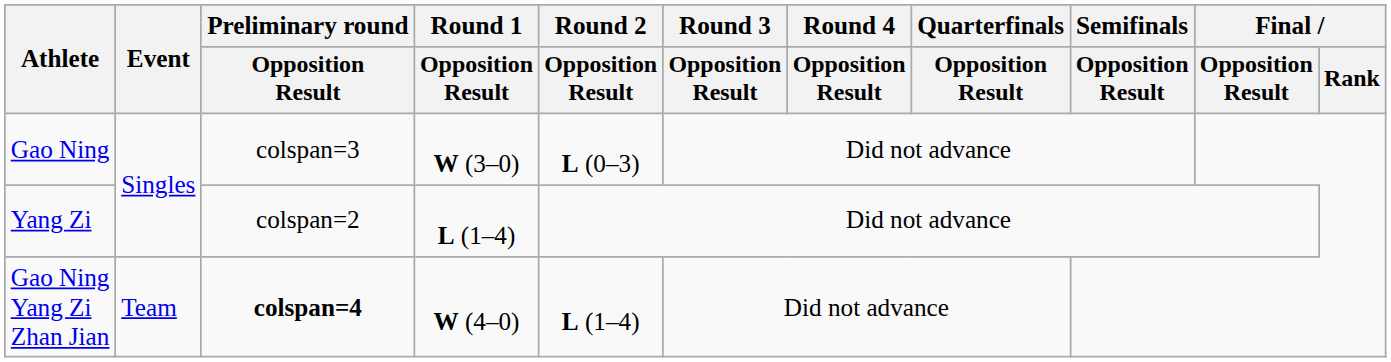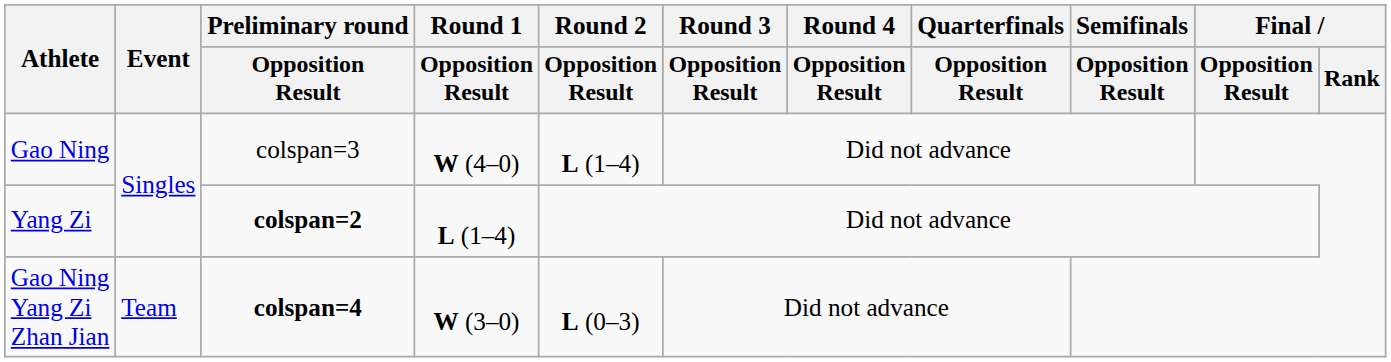 <table class="wikitable" style="font-size:90%">
 <tr>
 <th rowspan="2">Athlete</th>
 <th rowspan="2">Event</th>
 <th>Preliminary round</th>
 <th>Round 1</th>
 <th>Round 2</th>
 <th>Round 3</th>
 <th>Round 4</th>
 <th>Quarterfinals</th>
 <th>Semifinals</th>
 <th colspan=2>Final / </th>
 </tr>
 <tr style="font-size:95%">
 <th>Opposition<br>Result</th>
 <th>Opposition<br>Result</th>
 <th>Opposition<br>Result</th>
 <th>Opposition<br>Result</th>
 <th>Opposition<br>Result</th>
 <th>Opposition<br>Result</th>
 <th>Opposition<br>Result</th>
 <th>Opposition<br>Result</th>
 <th>Rank</th>
 </tr>
 <tr align=center>
 <td align=left><a href='#'>Gao Ning</a></td>
 <td align=left rowspan=2><a href='#'>Singles</a></td>
 <td>colspan=3 </td>
-<td><br> <strong>W</strong> (3–0)</td>
-<td><br> <strong>L</strong> (0–3)</td>
+<td><br><strong>W</strong> (4–0)</td>
+<td><br><strong>L</strong> (1–4)</td>
 <td colspan=4>Did not advance</td>
 </tr>
 <tr align=center>
 <td align=left><a href='#'>Yang Zi</a></td>
-<td>colspan=2 </td>
+<td><strong>colspan=2 </strong></td>
 <td><br><strong>L</strong> (1–4)</td>
 <td colspan=6>Did not advance</td>
 </tr>
 <tr align=center>
 <td align=left><a href='#'>Gao Ning</a><br><a href='#'>Yang Zi</a><br><a href='#'>Zhan Jian</a></td>
 <td align=left><a href='#'>Team</a></td>
 <td><strong>colspan=4 </strong></td>
-<td><br><strong>W</strong> (4–0)</td>
-<td><br><strong>L</strong> (1–4)</td>
+<td><br> <strong>W</strong> (3–0)</td>
+<td><br> <strong>L</strong> (0–3)</td>
 <td colspan=3>Did not advance</td>
 </tr>
 </table>
